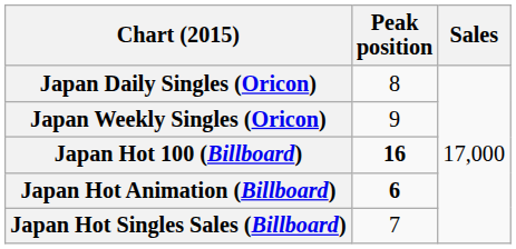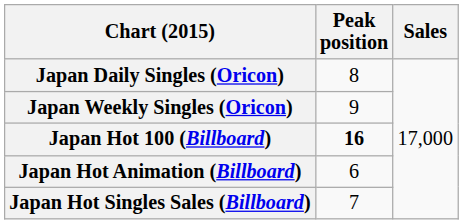 <table class="wikitable sortable plainrowheaders" style="text-align:center;">
 <tr>
 <th scope="col">Chart (2015)</th>
 <th scope="col">Peak<br>position</th>
 <th scope="col">Sales</th>
 </tr>
 <tr>
 <th scope="row">Japan Daily Singles (<a href='#'>Oricon</a>)</th>
 <td style="text-align:center;">8</td>
 <td rowspan="6" style="text-align:left;">17,000</td>
 </tr>
 <tr>
 <th scope="row">Japan Weekly Singles (<a href='#'>Oricon</a>)</th>
 <td style="text-align:center;">9</td>
 </tr>
 <tr>
 <th scope="row">Japan Hot 100 (<em><a href='#'>Billboard</a></em>)</th>
 <td style="text-align:center;"><strong>16</strong></td>
 </tr>
 <tr>
 <th scope="row">Japan Hot Animation (<em><a href='#'>Billboard</a></em>)</th>
-<td style="text-align:center;"><strong>6</strong></td>
+<td style="text-align:center;">6</td>
 </tr>
 <tr>
 <th scope="row">Japan Hot Singles Sales (<em><a href='#'>Billboard</a></em>)</th>
 <td style="text-align:center;">7</td>
 </tr>
 </table>
